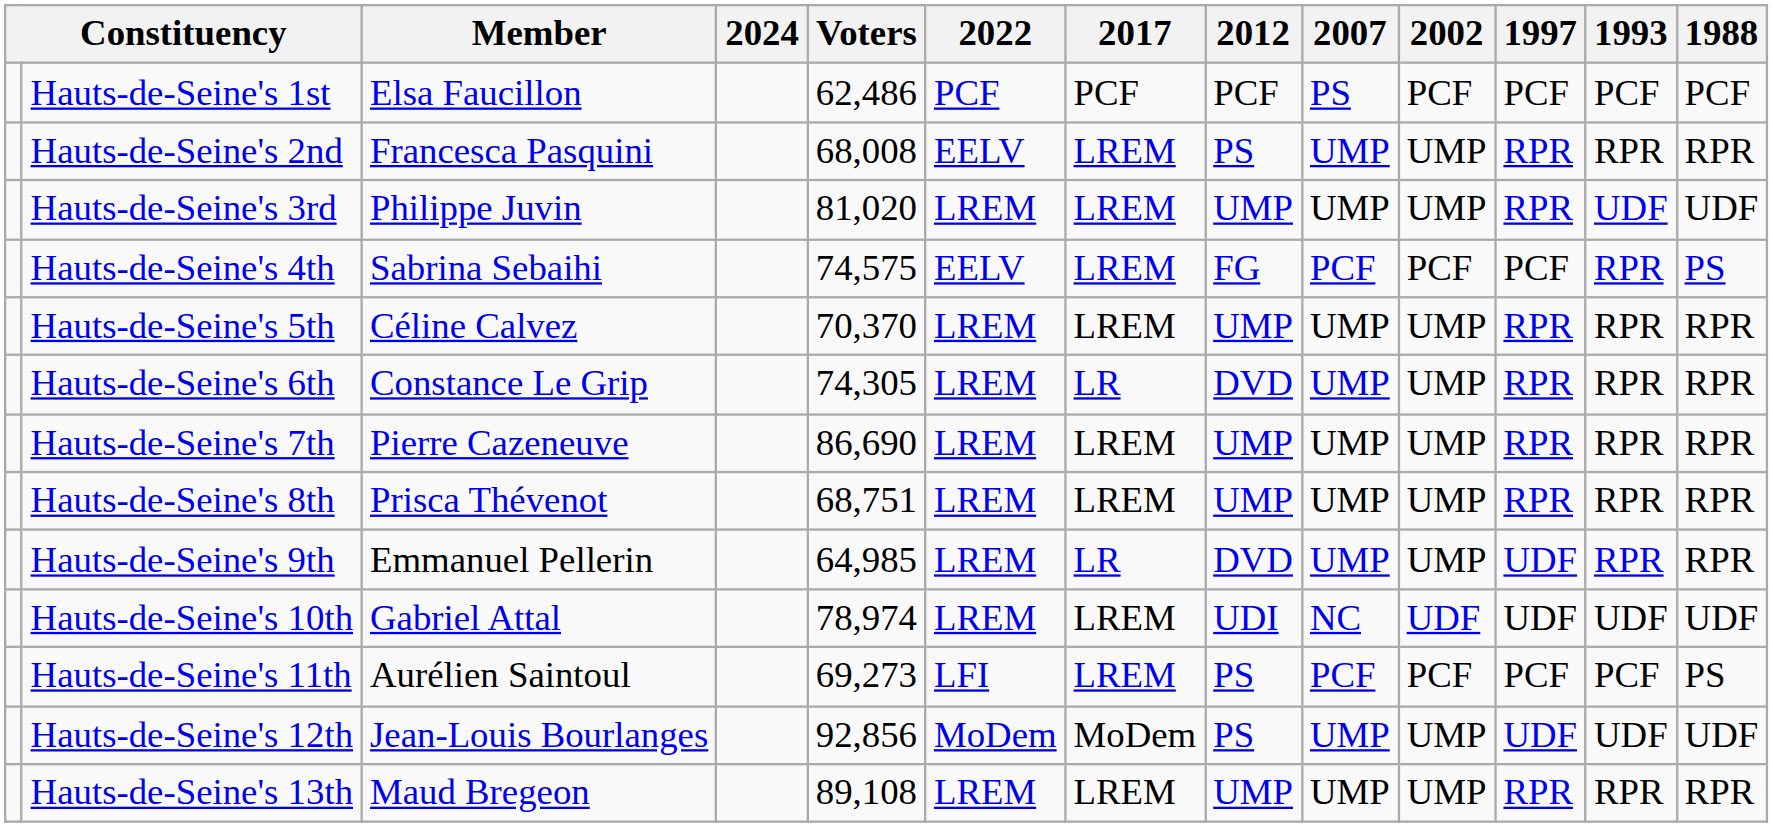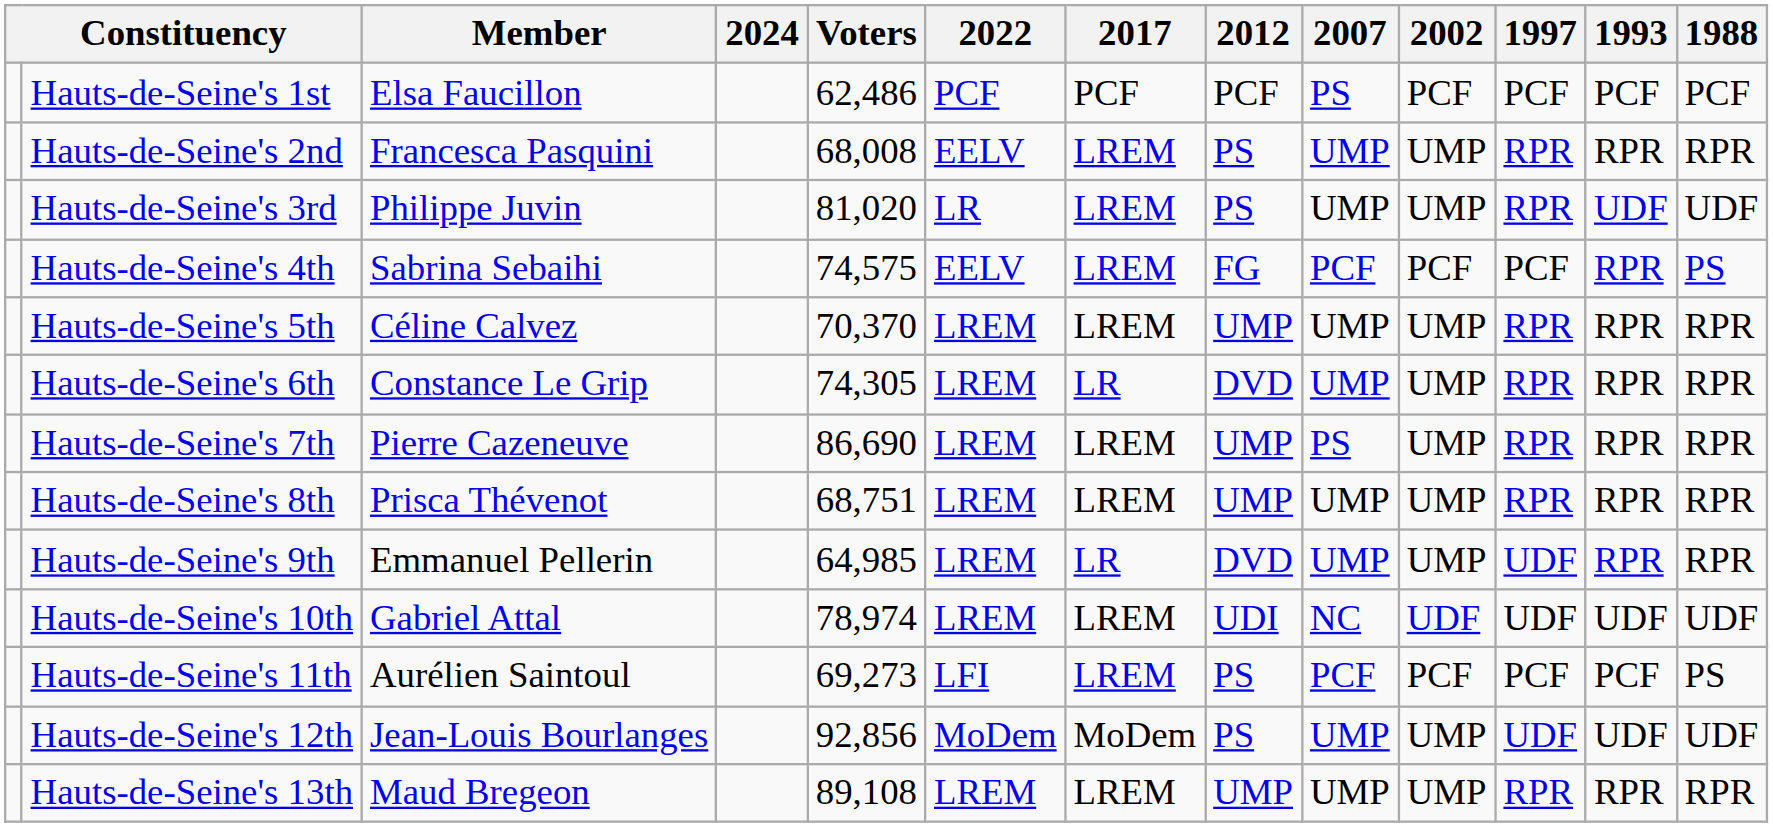 <table class="wikitable sortable">
 <tr>
 <th colspan="2">Constituency</th>
 <th>Member</th>
 <th>2024</th>
 <th>Voters</th>
 <th>2022</th>
 <th>2017</th>
 <th>2012</th>
 <th>2007</th>
 <th>2002</th>
 <th>1997</th>
 <th>1993</th>
 <th>1988</th>
 </tr>
 <tr>
 <td style="background-color: "></td>
 <td><a href='#'>Hauts-de-Seine's 1st</a></td>
 <td><a href='#'>Elsa Faucillon</a></td>
 <td></td>
 <td>62,486</td>
 <td><a href='#'>PCF</a></td>
 <td>PCF</td>
 <td>PCF</td>
 <td><a href='#'>PS</a></td>
 <td>PCF</td>
 <td>PCF</td>
 <td>PCF</td>
 <td>PCF</td>
 </tr>
 <tr>
 <td style="background-color: "></td>
 <td><a href='#'>Hauts-de-Seine's 2nd</a></td>
 <td><a href='#'>Francesca Pasquini</a></td>
 <td></td>
 <td>68,008</td>
 <td><a href='#'>EELV</a></td>
 <td><a href='#'>LREM</a></td>
 <td><a href='#'>PS</a></td>
 <td><a href='#'>UMP</a></td>
 <td>UMP</td>
 <td><a href='#'>RPR</a></td>
 <td>RPR</td>
 <td>RPR</td>
 </tr>
 <tr>
 <td style="background-color: "></td>
 <td><a href='#'>Hauts-de-Seine's 3rd</a></td>
 <td><a href='#'>Philippe Juvin</a></td>
 <td></td>
 <td>81,020</td>
+<td><a href='#'>LR</a></td>
 <td><a href='#'>LREM</a></td>
-<td><a href='#'>LREM</a></td>
-<td><a href='#'>UMP</a></td>
+<td><a href='#'>PS</a></td>
 <td>UMP</td>
 <td>UMP</td>
 <td><a href='#'>RPR</a></td>
 <td><a href='#'>UDF</a></td>
 <td>UDF</td>
 </tr>
 <tr>
 <td style="background-color: "></td>
 <td><a href='#'>Hauts-de-Seine's 4th</a></td>
 <td><a href='#'>Sabrina Sebaihi</a></td>
 <td></td>
 <td>74,575</td>
 <td><a href='#'>EELV</a></td>
 <td><a href='#'>LREM</a></td>
 <td><a href='#'>FG</a></td>
 <td><a href='#'>PCF</a></td>
 <td>PCF</td>
 <td>PCF</td>
 <td><a href='#'>RPR</a></td>
 <td><a href='#'>PS</a></td>
 </tr>
 <tr>
 <td style="background-color: "></td>
 <td><a href='#'>Hauts-de-Seine's 5th</a></td>
 <td><a href='#'>Céline Calvez</a></td>
 <td></td>
 <td>70,370</td>
 <td><a href='#'>LREM</a></td>
 <td>LREM</td>
 <td><a href='#'>UMP</a></td>
 <td>UMP</td>
 <td>UMP</td>
 <td><a href='#'>RPR</a></td>
 <td>RPR</td>
 <td>RPR</td>
 </tr>
 <tr>
 <td style="background-color: "></td>
 <td><a href='#'>Hauts-de-Seine's 6th</a></td>
 <td><a href='#'>Constance Le Grip</a></td>
 <td></td>
 <td>74,305</td>
 <td><a href='#'>LREM</a></td>
 <td><a href='#'>LR</a></td>
 <td><a href='#'>DVD</a></td>
 <td><a href='#'>UMP</a></td>
 <td>UMP</td>
 <td><a href='#'>RPR</a></td>
 <td>RPR</td>
 <td>RPR</td>
 </tr>
 <tr>
 <td style="background-color: "></td>
 <td><a href='#'>Hauts-de-Seine's 7th</a></td>
 <td><a href='#'>Pierre Cazeneuve</a></td>
 <td></td>
 <td>86,690</td>
 <td><a href='#'>LREM</a></td>
 <td>LREM</td>
 <td><a href='#'>UMP</a></td>
-<td>UMP</td>
+<td><a href='#'>PS</a></td>
 <td>UMP</td>
 <td><a href='#'>RPR</a></td>
 <td>RPR</td>
 <td>RPR</td>
 </tr>
 <tr>
 <td style="background-color: "></td>
 <td><a href='#'>Hauts-de-Seine's 8th</a></td>
 <td><a href='#'>Prisca Thévenot</a></td>
 <td></td>
 <td>68,751</td>
 <td><a href='#'>LREM</a></td>
 <td>LREM</td>
 <td><a href='#'>UMP</a></td>
 <td>UMP</td>
 <td>UMP</td>
 <td><a href='#'>RPR</a></td>
 <td>RPR</td>
 <td>RPR</td>
 </tr>
 <tr>
 <td style="background-color: "></td>
 <td><a href='#'>Hauts-de-Seine's 9th</a></td>
 <td>Emmanuel Pellerin</td>
 <td></td>
 <td>64,985</td>
 <td><a href='#'>LREM</a></td>
 <td><a href='#'>LR</a></td>
 <td><a href='#'>DVD</a></td>
 <td><a href='#'>UMP</a></td>
 <td>UMP</td>
 <td><a href='#'>UDF</a></td>
 <td><a href='#'>RPR</a></td>
 <td>RPR</td>
 </tr>
 <tr>
 <td style="background-color: "></td>
 <td><a href='#'>Hauts-de-Seine's 10th</a></td>
 <td><a href='#'>Gabriel Attal</a></td>
 <td></td>
 <td>78,974</td>
 <td><a href='#'>LREM</a></td>
 <td>LREM</td>
 <td><a href='#'>UDI</a></td>
 <td><a href='#'>NC</a></td>
 <td><a href='#'>UDF</a></td>
 <td>UDF</td>
 <td>UDF</td>
 <td>UDF</td>
 </tr>
 <tr>
 <td style="background-color: "></td>
 <td><a href='#'>Hauts-de-Seine's 11th</a></td>
 <td>Aurélien Saintoul</td>
 <td></td>
 <td>69,273</td>
 <td><a href='#'>LFI</a></td>
 <td><a href='#'>LREM</a></td>
 <td><a href='#'>PS</a></td>
 <td><a href='#'>PCF</a></td>
 <td>PCF</td>
 <td>PCF</td>
 <td>PCF</td>
 <td>PS</td>
 </tr>
 <tr>
 <td style="background-color: "></td>
 <td><a href='#'>Hauts-de-Seine's 12th</a></td>
 <td><a href='#'>Jean-Louis Bourlanges</a></td>
 <td></td>
 <td>92,856</td>
 <td><a href='#'>MoDem</a></td>
 <td>MoDem</td>
 <td><a href='#'>PS</a></td>
 <td><a href='#'>UMP</a></td>
 <td>UMP</td>
 <td><a href='#'>UDF</a></td>
 <td>UDF</td>
 <td>UDF</td>
 </tr>
 <tr>
 <td style="background-color: "></td>
 <td><a href='#'>Hauts-de-Seine's 13th</a></td>
 <td><a href='#'>Maud Bregeon</a></td>
 <td></td>
 <td>89,108</td>
 <td><a href='#'>LREM</a></td>
 <td>LREM</td>
 <td><a href='#'>UMP</a></td>
 <td>UMP</td>
 <td>UMP</td>
 <td><a href='#'>RPR</a></td>
 <td>RPR</td>
 <td>RPR</td>
 </tr>
 </table>
